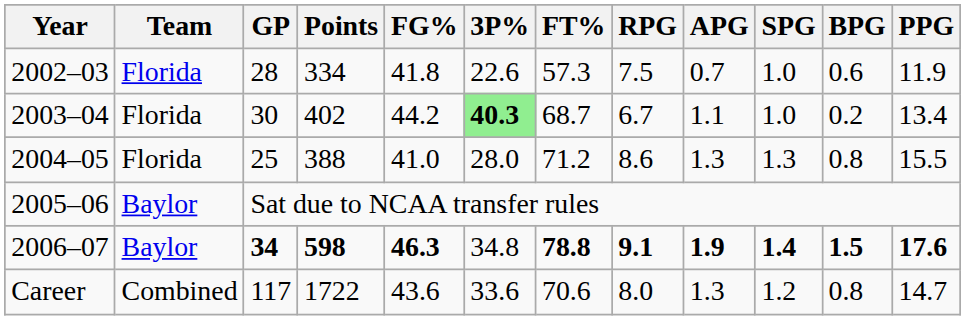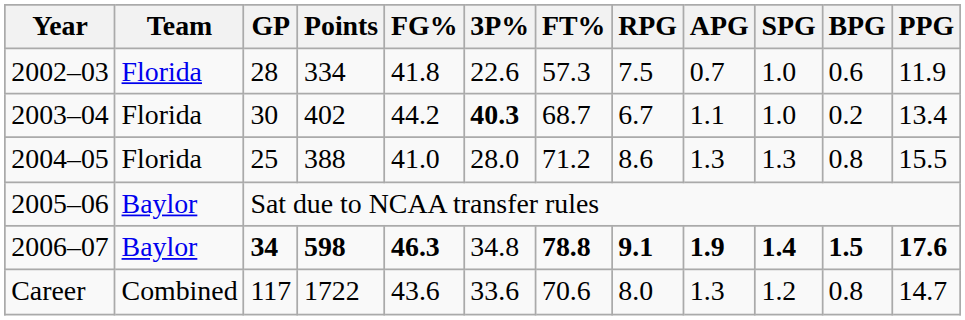 <table class="wikitable">
 <tr>
 <th>Year</th>
 <th>Team</th>
 <th>GP</th>
 <th>Points</th>
 <th>FG%</th>
 <th>3P%</th>
 <th>FT%</th>
 <th>RPG</th>
 <th>APG</th>
 <th>SPG</th>
 <th>BPG</th>
 <th>PPG</th>
 </tr>
 <tr>
 <td>2002–03</td>
 <td><a href='#'>Florida</a></td>
 <td>28</td>
 <td>334</td>
 <td>41.8</td>
 <td>22.6</td>
 <td>57.3</td>
 <td>7.5</td>
 <td>0.7</td>
 <td>1.0</td>
 <td>0.6</td>
 <td>11.9</td>
 </tr>
 <tr>
 <td>2003–04</td>
 <td>Florida</td>
 <td>30</td>
 <td>402</td>
 <td>44.2</td>
-<td style="background: lightgreen;"><strong>40.3</strong></td>
+<td><strong>40.3</strong></td>
 <td>68.7</td>
 <td>6.7</td>
 <td>1.1</td>
 <td>1.0</td>
 <td>0.2</td>
 <td>13.4</td>
 </tr>
 <tr>
 <td>2004–05</td>
 <td>Florida</td>
 <td>25</td>
 <td>388</td>
 <td>41.0</td>
 <td>28.0</td>
 <td>71.2</td>
 <td>8.6</td>
 <td>1.3</td>
 <td>1.3</td>
 <td>0.8</td>
 <td>15.5</td>
 </tr>
 <tr>
 <td>2005–06</td>
 <td><a href='#'>Baylor</a></td>
 <td colspan="10">Sat due to NCAA transfer rules</td>
 </tr>
 <tr>
 <td>2006–07</td>
 <td><a href='#'>Baylor</a></td>
 <td><strong>34</strong></td>
 <td><strong>598</strong></td>
 <td><strong>46.3</strong></td>
 <td>34.8</td>
 <td><strong>78.8</strong></td>
 <td><strong>9.1</strong></td>
 <td><strong>1.9</strong></td>
 <td><strong>1.4</strong></td>
 <td><strong>1.5</strong></td>
 <td><strong>17.6</strong></td>
 </tr>
 <tr>
 <td>Career</td>
 <td>Combined</td>
 <td>117</td>
 <td>1722</td>
 <td>43.6</td>
 <td>33.6</td>
 <td>70.6</td>
 <td>8.0</td>
 <td>1.3</td>
 <td>1.2</td>
 <td>0.8</td>
 <td>14.7</td>
 </tr>
 </table>
